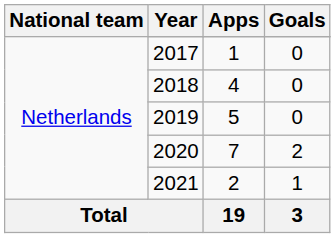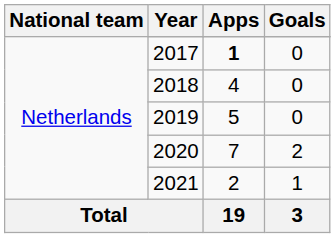 <table class=wikitable style=text-align:center>
 <tr>
 <th>National team</th>
 <th>Year</th>
 <th>Apps</th>
 <th>Goals</th>
 </tr>
 <tr>
 <td rowspan=6><a href='#'>Netherlands</a></td>
 </tr>
 <tr>
 <td>2017</td>
-<td>1</td>
+<td><strong>1</strong></td>
 <td>0</td>
 </tr>
 <tr>
 <td>2018</td>
 <td>4</td>
 <td>0</td>
 </tr>
 <tr>
 <td>2019</td>
 <td>5</td>
 <td>0</td>
 </tr>
 <tr>
 <td>2020</td>
 <td>7</td>
 <td>2</td>
 </tr>
 <tr>
 <td>2021</td>
 <td>2</td>
 <td>1</td>
 </tr>
 <tr>
 <th colspan=2>Total</th>
 <th>19</th>
 <th>3</th>
 </tr>
 </table>
